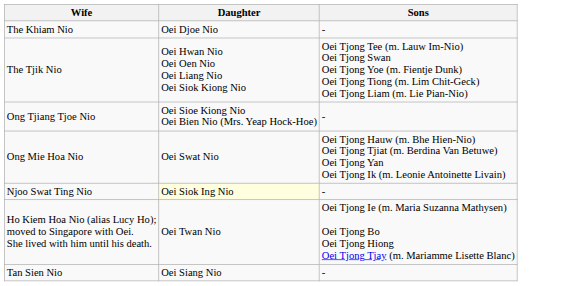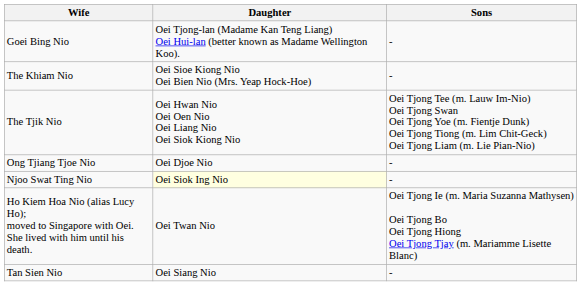 <table class="wikitable">
 <tr>
 <th>Wife</th>
 <th>Daughter</th>
 <th>Sons</th>
 </tr>
 <tr>
+<td>Goei Bing Nio</td>
+<td>Oei Tjong-lan (Madame Kan Teng Liang) <br><a href='#'>Oei Hui-lan</a> (better known as Madame Wellington Koo).</td>
+<td>-</td>
+</tr>
+<tr>
 <td>The Khiam Nio</td>
-<td>Oei Djoe Nio</td>
+<td>Oei Sioe Kiong Nio <br> Oei Bien Nio (Mrs. Yeap Hock-Hoe)</td>
 <td>-</td>
 </tr>
 <tr>
 <td>The Tjik Nio</td>
 <td>Oei Hwan Nio <br> Oei Oen Nio <br> Oei Liang Nio <br>Oei Siok Kiong Nio</td>
 <td>Oei Tjong Tee (m. Lauw Im-Nio)<br>Oei Tjong Swan<br>Oei Tjong Yoe (m. Fientje Dunk)<br> Oei Tjong Tiong (m. Lim Chit-Geck)<br>Oei Tjong Liam (m. Lie Pian-Nio)</td>
 </tr>
 <tr>
 <td>Ong Tjiang Tjoe Nio</td>
-<td>Oei Sioe Kiong Nio <br> Oei Bien Nio (Mrs. Yeap Hock-Hoe)</td>
+<td>Oei Djoe Nio</td>
 <td>-</td>
-</tr>
-<tr>
-<td>Ong Mie Hoa Nio</td>
-<td>Oei Swat Nio</td>
-<td>Oei Tjong Hauw (m. Bhe Hien-Nio)<br> Oei Tjong Tjiat (m. Berdina Van Betuwe)<br> Oei Tjong Yan<br> Oei Tjong Ik (m. Leonie Antoinette Livain)</td>
 </tr>
 <tr>
 <td>Njoo Swat Ting Nio</td>
 <td style="background: lightyellow;">Oei Siok Ing Nio</td>
 <td>-</td>
 </tr>
 <tr>
 <td>Ho Kiem Hoa Nio (alias Lucy Ho); <br>moved to Singapore with Oei.<br>She lived with him until his death.</td>
 <td>Oei Twan Nio</td>
 <td>Oei Tjong Ie (m. Maria Suzanna Mathysen)<br><br>Oei Tjong Bo<br> Oei Tjong Hiong<br> <a href='#'>Oei Tjong Tjay</a> (m. Mariamme Lisette Blanc)</td>
 </tr>
 <tr>
 <td>Tan Sien Nio</td>
 <td>Oei Siang Nio</td>
 <td>-</td>
 </tr>
 </table>
